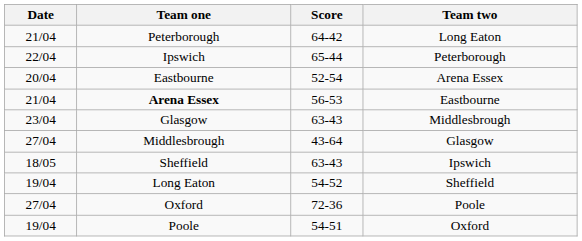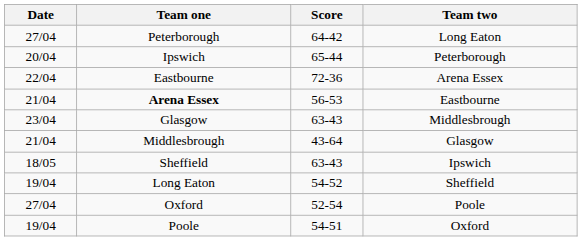 <table class="wikitable" style="text-align: center">
 <tr>
 <th width=80>Date</th>
 <th width=250>Team one</th>
 <th width=80>Score</th>
 <th width=250>Team two</th>
 </tr>
 <tr>
-<td>21/04</td>
+<td>27/04</td>
 <td>Peterborough</td>
 <td>64-42</td>
 <td>Long Eaton</td>
 </tr>
 <tr>
-<td>22/04</td>
+<td>20/04</td>
 <td>Ipswich</td>
 <td>65-44</td>
 <td>Peterborough</td>
 </tr>
 <tr>
-<td>20/04</td>
+<td>22/04</td>
 <td>Eastbourne</td>
-<td>52-54</td>
+<td>72-36</td>
 <td>Arena Essex</td>
 </tr>
 <tr>
 <td>21/04</td>
 <td><strong>Arena Essex</strong></td>
 <td>56-53</td>
 <td>Eastbourne</td>
 </tr>
 <tr>
 <td>23/04</td>
 <td>Glasgow</td>
 <td>63-43</td>
 <td>Middlesbrough</td>
 </tr>
 <tr>
-<td>27/04</td>
+<td>21/04</td>
 <td>Middlesbrough</td>
 <td>43-64</td>
 <td>Glasgow</td>
 </tr>
 <tr>
 <td>18/05</td>
 <td>Sheffield</td>
 <td>63-43</td>
 <td>Ipswich</td>
 </tr>
 <tr>
 <td>19/04</td>
 <td>Long Eaton</td>
 <td>54-52</td>
 <td>Sheffield</td>
 </tr>
 <tr>
 <td>27/04</td>
 <td>Oxford</td>
-<td>72-36</td>
+<td>52-54</td>
 <td>Poole</td>
 </tr>
 <tr>
 <td>19/04</td>
 <td>Poole</td>
 <td>54-51</td>
 <td>Oxford</td>
 </tr>
 </table>
